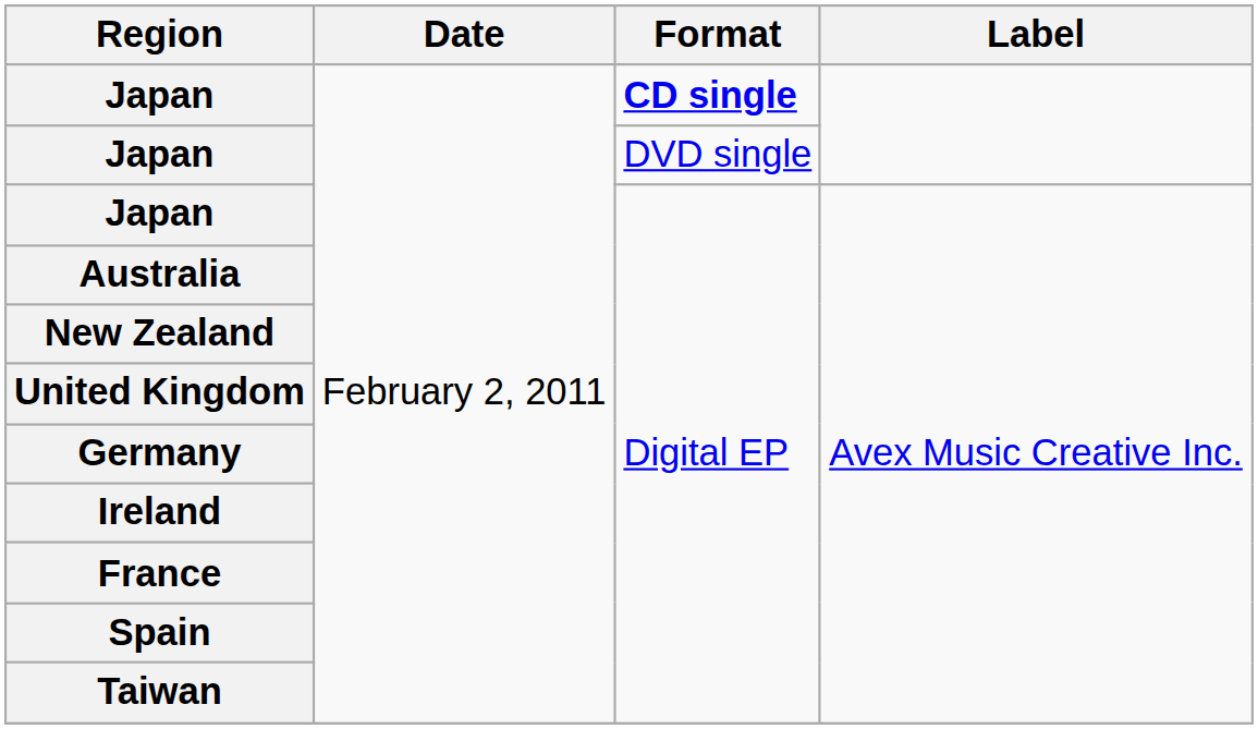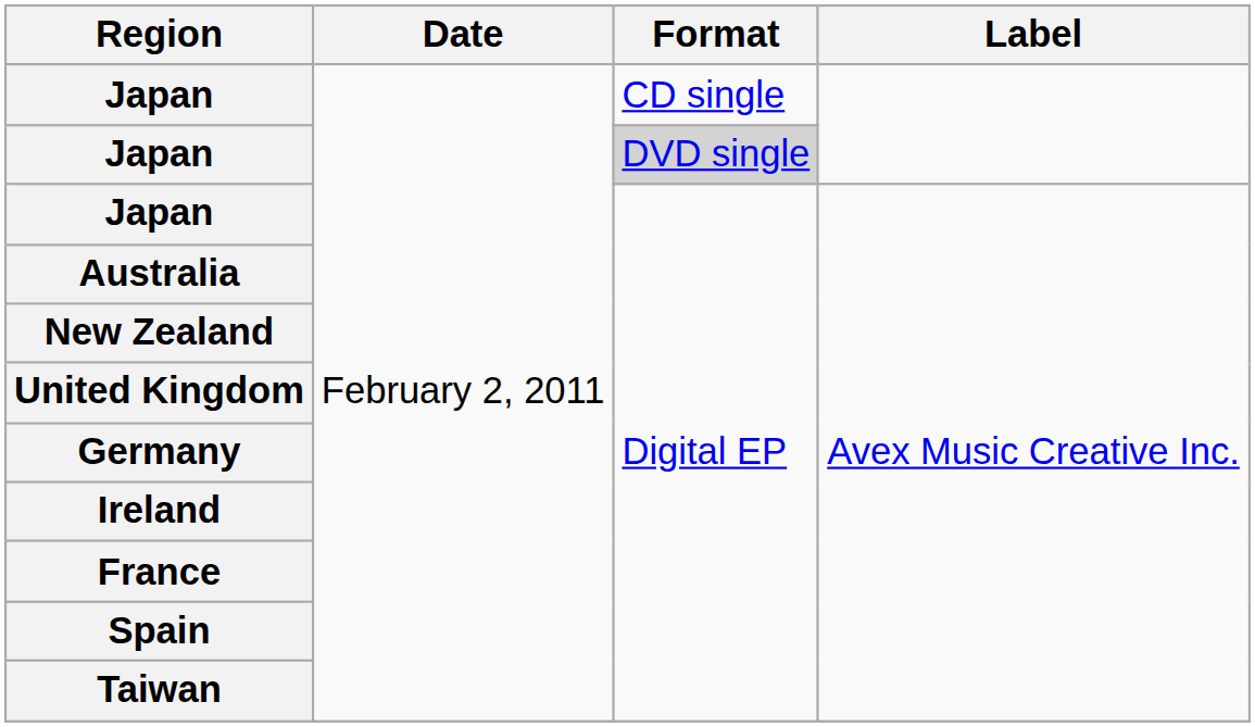 <table class="wikitable plainrowheaders">
 <tr>
 <th scope="col">Region</th>
 <th scope="col">Date</th>
 <th scope="col">Format</th>
 <th scope="col">Label</th>
 </tr>
 <tr>
 <th scope="row">Japan</th>
 <td rowspan="11">February 2, 2011</td>
-<td><strong><a href='#'>CD single</a></strong></td>
+<td><a href='#'>CD single</a></td>
 <td rowspan="2"></td>
 </tr>
 <tr>
 <th scope="row">Japan</th>
-<td><a href='#'>DVD single</a></td>
+<td style="background: lightgrey;"><a href='#'>DVD single</a></td>
 </tr>
 <tr>
 <th scope="row">Japan</th>
 <td rowspan="9"><a href='#'>Digital EP</a></td>
 <td rowspan="9"><a href='#'>Avex Music Creative Inc.</a></td>
 </tr>
 <tr>
 <th scope="row">Australia</th>
 </tr>
 <tr>
 <th scope="row">New Zealand</th>
 </tr>
 <tr>
 <th scope="row">United Kingdom</th>
 </tr>
 <tr>
 <th scope="row">Germany</th>
 </tr>
 <tr>
 <th scope="row">Ireland</th>
 </tr>
 <tr>
 <th scope="row">France</th>
 </tr>
 <tr>
 <th scope="row">Spain</th>
 </tr>
 <tr>
 <th scope="row">Taiwan</th>
 </tr>
 <tr>
 </tr>
 </table>
